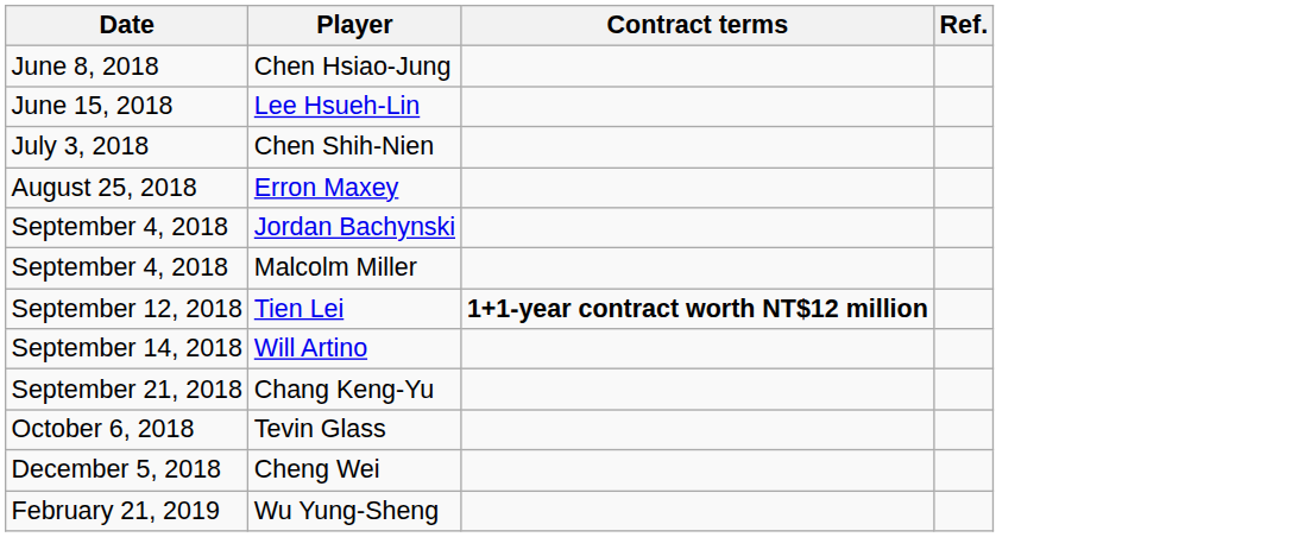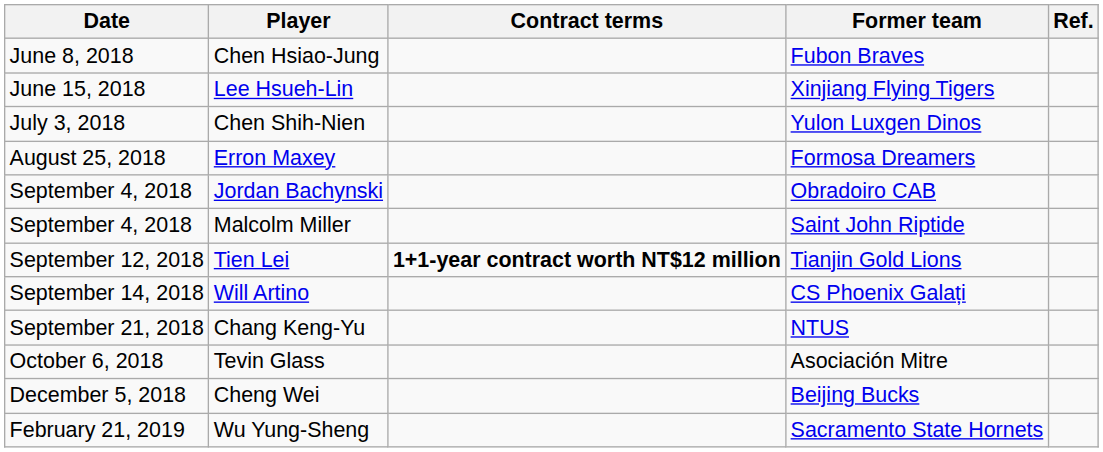 <table class="wikitable sortable sortable" style="text-align: left">
 <tr>
 <th>Date</th>
 <th>Player</th>
 <th>Contract terms</th>
+<th>Former team</th>
 <th>Ref.</th>
 </tr>
 <tr>
 <td>June 8, 2018</td>
 <td>Chen Hsiao-Jung</td>
 <td></td>
+<td><a href='#'>Fubon Braves</a></td>
 <td></td>
 </tr>
 <tr>
 <td>June 15, 2018</td>
 <td><a href='#'>Lee Hsueh-Lin</a></td>
 <td></td>
+<td><a href='#'>Xinjiang Flying Tigers</a></td>
 <td></td>
 </tr>
 <tr>
 <td>July 3, 2018</td>
 <td>Chen Shih-Nien</td>
 <td></td>
+<td><a href='#'>Yulon Luxgen Dinos</a></td>
 <td></td>
 </tr>
 <tr>
 <td>August 25, 2018</td>
 <td><a href='#'>Erron Maxey</a></td>
 <td></td>
+<td><a href='#'>Formosa Dreamers</a></td>
 <td></td>
 </tr>
 <tr>
 <td>September 4, 2018</td>
 <td><a href='#'>Jordan Bachynski</a></td>
 <td></td>
+<td><a href='#'>Obradoiro CAB</a></td>
 <td></td>
 </tr>
 <tr>
 <td>September 4, 2018</td>
 <td>Malcolm Miller</td>
 <td></td>
+<td><a href='#'>Saint John Riptide</a></td>
 <td></td>
 </tr>
 <tr>
 <td>September 12, 2018</td>
 <td><a href='#'>Tien Lei</a></td>
 <td><strong>1+1-year contract worth NT$12 million</strong></td>
+<td><a href='#'>Tianjin Gold Lions</a></td>
 <td></td>
 </tr>
 <tr>
 <td>September 14, 2018</td>
 <td><a href='#'>Will Artino</a></td>
 <td></td>
+<td><a href='#'>CS Phoenix Galați</a></td>
 <td></td>
 </tr>
 <tr>
 <td>September 21, 2018</td>
 <td>Chang Keng-Yu</td>
 <td></td>
+<td><a href='#'>NTUS</a></td>
 <td></td>
 </tr>
 <tr>
 <td>October 6, 2018</td>
 <td>Tevin Glass</td>
 <td></td>
+<td>Asociación Mitre</td>
 <td></td>
 </tr>
 <tr>
 <td>December 5, 2018</td>
 <td>Cheng Wei</td>
 <td></td>
+<td><a href='#'>Beijing Bucks</a></td>
 <td></td>
 </tr>
 <tr>
 <td>February 21, 2019</td>
 <td>Wu Yung-Sheng</td>
 <td></td>
+<td><a href='#'>Sacramento State Hornets</a></td>
 <td></td>
 </tr>
 </table>
